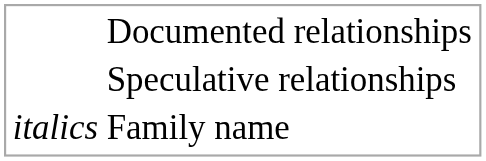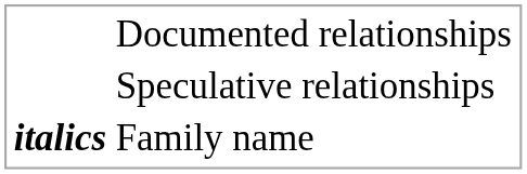 <table style="border-spacing: 2px; border: 1px solid darkgray;">
 <tr>
 <td></td>
 <td>Documented relationships</td>
 </tr>
 <tr>
 <td></td>
 <td>Speculative relationships</td>
 </tr>
 <tr>
-<td><em>italics</em></td>
+<td><strong><em>italics</em></strong></td>
 <td>Family name</td>
 </tr>
 </table>
